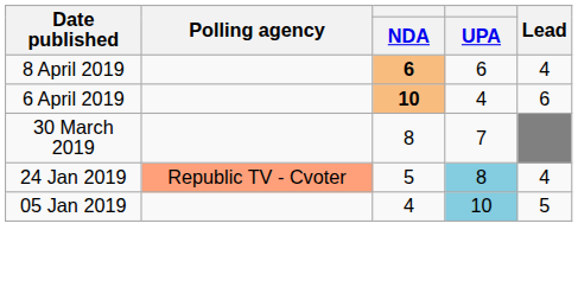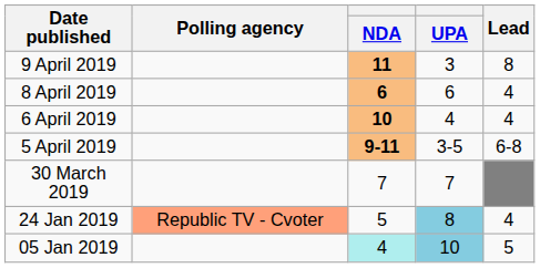 <table class="wikitable sortable" style="text-align:center;font-size:95%;line-height:16px">
 <tr>
 <th rowspan="2" width="100px">Date published</th>
 <th rowspan="2" width="175px">Polling agency</th>
 <th style="background:"></th>
 <th style="background:"></th>
 <th rowspan="2">Lead</th>
 </tr>
 <tr>
 <th width="50px" class="unsortable"><a href='#'>NDA</a></th>
 <th width="50px" class="unsortable"><a href='#'>UPA</a></th>
 </tr>
 <tr>
+<td>9 April 2019</td>
+<td></td>
+<td style="background:#F9BC7F"><strong>11</strong></td>
+<td>3</td>
+<td style="background:"><span>8</span></td>
+</tr>
+<tr>
 <td>8 April 2019</td>
 <td></td>
 <td style="background:#F9BC7F"><strong>6</strong></td>
 <td>6</td>
 <td style="background:"><span>4</span></td>
 </tr>
 <tr>
 <td>6 April 2019</td>
 <td></td>
 <td style="background:#F9BC7F"><strong>10</strong></td>
 <td>4</td>
-<td style="background:"><span>6</span></td>
+<td style="background:"><span>4</span></td>
+</tr>
+<tr>
+<td>5 April 2019</td>
+<td></td>
+<td style="background:#F9BC7F"><strong>9-11</strong></td>
+<td>3-5</td>
+<td style="background:"><span>6-8</span></td>
 </tr>
 <tr>
 <td>30 March 2019</td>
 <td></td>
-<td>8</td>
+<td>7</td>
 <td>7</td>
 <td style="background:grey"><span></span></td>
 </tr>
 <tr>
 <td>24 Jan 2019</td>
 <td style="background: lightsalmon;">Republic TV - Cvoter</td>
 <td>5</td>
 <td style="background:#84CCE0">8</td>
 <td style="background:"><span>4</span></td>
 </tr>
 <tr>
 <td>05 Jan 2019</td>
 <td></td>
-<td>4</td>
+<td style="background: paleturquoise;">4</td>
 <td style="background:#84CCE0">10</td>
 <td style="background:"><span>5</span></td>
 </tr>
 </table>
